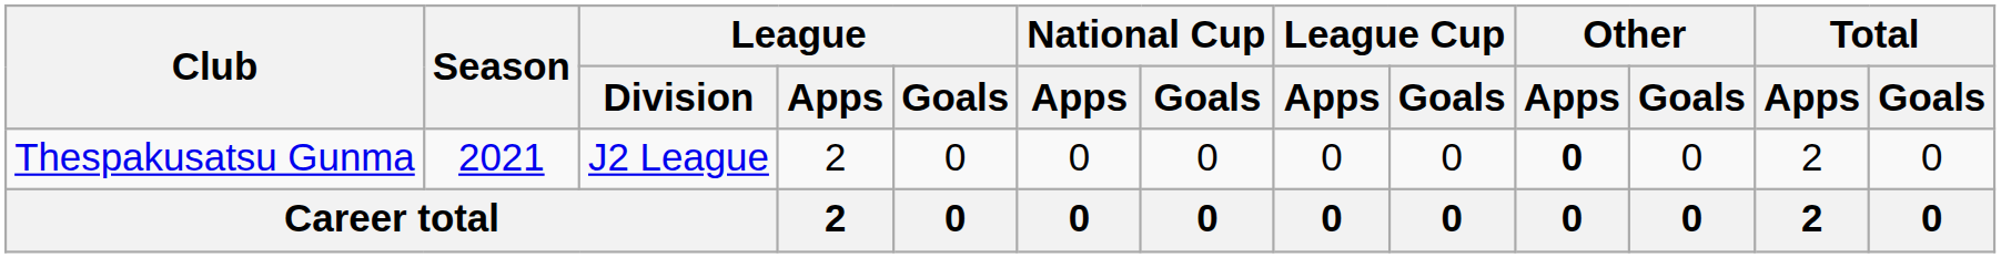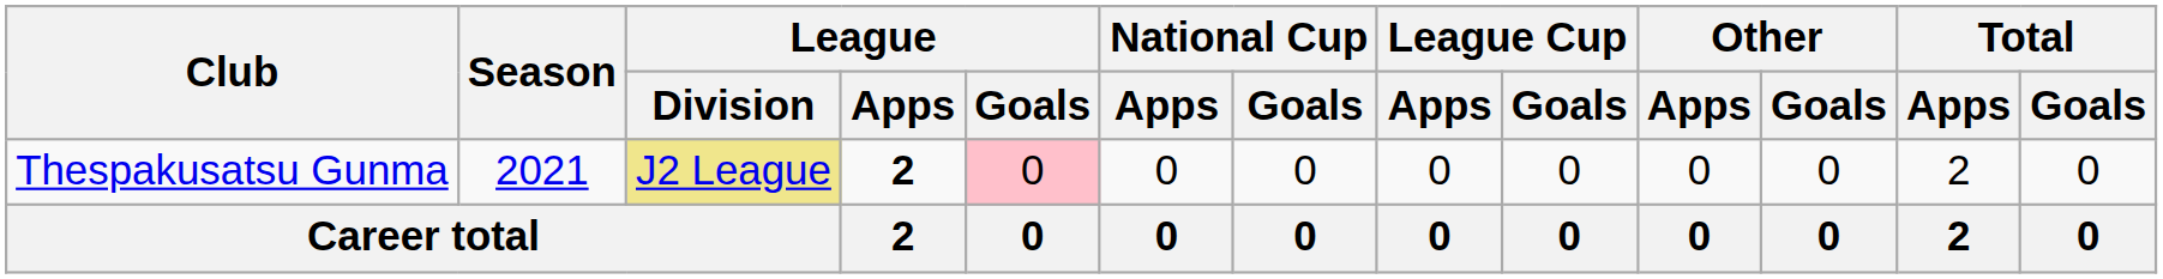 <table class="wikitable" style="text-align: center">
 <tr>
 <th rowspan="2">Club</th>
 <th rowspan="2">Season</th>
 <th colspan="3">League</th>
 <th colspan="2">National Cup</th>
 <th colspan="2">League Cup</th>
 <th colspan="2">Other</th>
 <th colspan="2">Total</th>
 </tr>
 <tr>
 <th>Division</th>
 <th>Apps</th>
 <th>Goals</th>
 <th>Apps</th>
 <th>Goals</th>
 <th>Apps</th>
 <th>Goals</th>
 <th>Apps</th>
 <th>Goals</th>
 <th>Apps</th>
 <th>Goals</th>
 </tr>
 <tr>
 <td><a href='#'>Thespakusatsu Gunma</a></td>
 <td><a href='#'>2021</a></td>
-<td><a href='#'>J2 League</a></td>
-<td>2</td>
+<td style="background: khaki;"><a href='#'>J2 League</a></td>
+<td><strong>2</strong></td>
+<td style="background: pink;">0</td>
 <td>0</td>
 <td>0</td>
 <td>0</td>
 <td>0</td>
 <td>0</td>
-<td><strong>0</strong></td>
 <td>0</td>
 <td>2</td>
 <td>0</td>
 </tr>
 <tr>
 <th colspan=3>Career total</th>
 <th>2</th>
 <th>0</th>
 <th>0</th>
 <th>0</th>
 <th>0</th>
 <th>0</th>
 <th>0</th>
 <th>0</th>
 <th>2</th>
 <th>0</th>
 </tr>
 </table>
